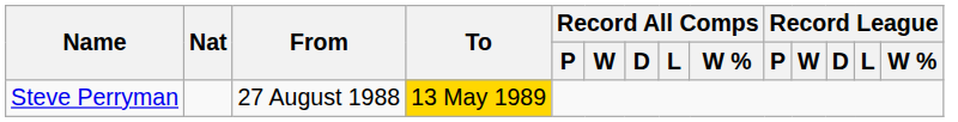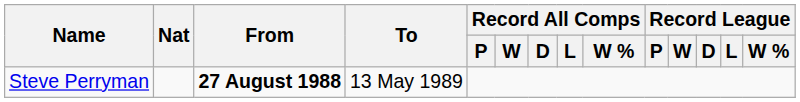 <table style="text-align: center" class="wikitable">
 <tr>
 <th rowspan="2">Name</th>
 <th rowspan="2">Nat</th>
 <th rowspan="2">From</th>
 <th rowspan="2">To</th>
 <th colspan="5">Record All Comps</th>
 <th colspan="5">Record League</th>
 </tr>
 <tr>
 <th>P</th>
 <th>W</th>
 <th>D</th>
 <th>L</th>
 <th>W %</th>
 <th>P</th>
 <th>W</th>
 <th>D</th>
 <th>L</th>
 <th>W %</th>
 </tr>
 <tr>
 <td style="text-align:left;"><a href='#'>Steve Perryman</a></td>
 <td></td>
-<td style="text-align:left;">27 August 1988</td>
-<td style="background: gold; text-align:left;">13 May 1989<br> </td>
+<td style="text-align:left;"><strong>27 August 1988</strong></td>
+<td style="text-align:left;">13 May 1989<br> </td>
 </tr>
 </table>
